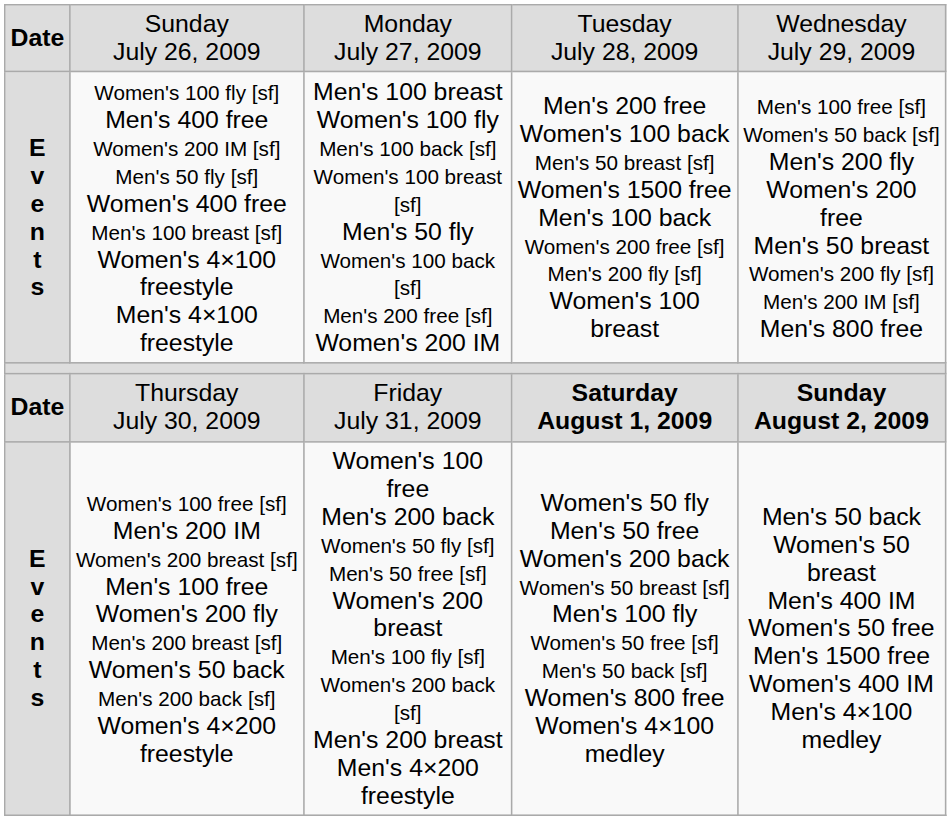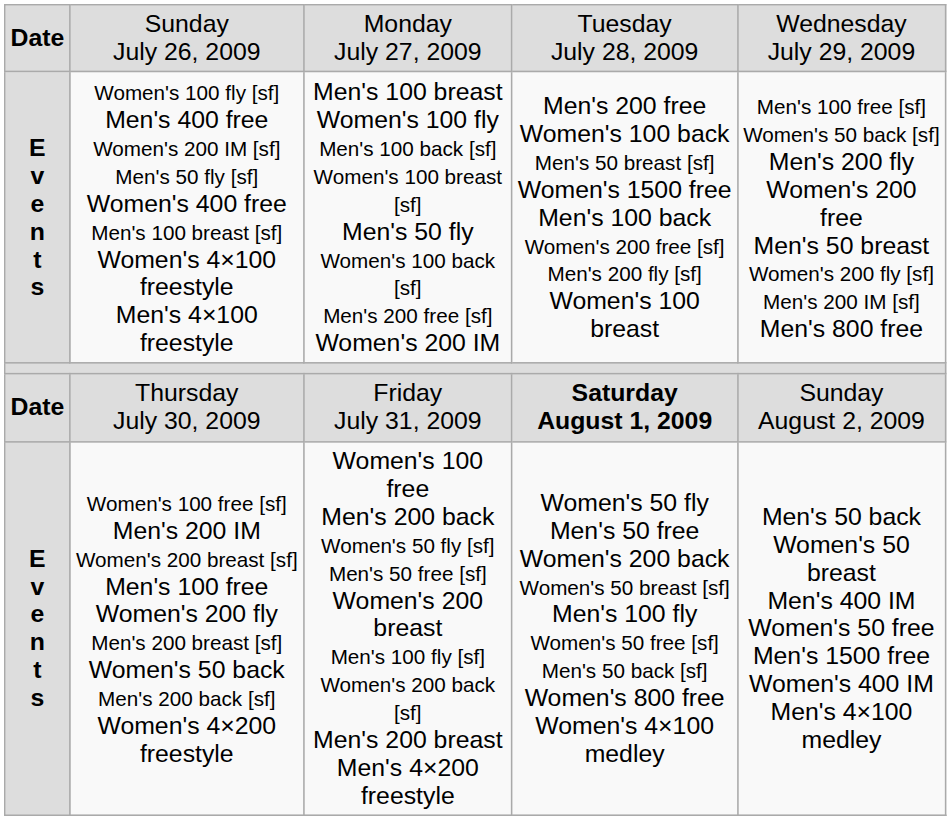 <table class=wikitable style="text-align:center">
 <tr bgcolor=#DDDDDD>
 <td><strong>Date</strong></td>
 <td>Sunday <br> July 26, 2009</td>
 <td>Monday <br> July 27, 2009</td>
 <td>Tuesday <br> July 28, 2009</td>
 <td>Wednesday <br> July 29, 2009</td>
 </tr>
 <tr>
 <td bgcolor=#DDDDDD><strong>E<br> v<br> e<br> n<br> t<br> s</strong></td>
 <td><small>Women's 100 fly [sf] <br></small> Men's 400 free <small><br> Women's 200 IM [sf] <br> Men's 50 fly [sf] <br></small> Women's 400 free <small><br> Men's 100 breast [sf] <br></small> Women's 4×100 freestyle <br> Men's 4×100 freestyle</td>
 <td>Men's 100 breast <br> Women's 100 fly <small><br> Men's 100 back [sf] <br> Women's 100 breast [sf] <br></small> Men's 50 fly <small><br> Women's 100 back [sf] <br> Men's 200 free [sf] <br></small> Women's 200 IM</td>
 <td>Men's 200 free <br> Women's 100 back <small><br> Men's 50 breast [sf] <br></small> Women's 1500 free <br> Men's 100 back <small><br> Women's 200 free [sf] <br> Men's 200 fly [sf] <br></small> Women's 100 breast</td>
 <td><small>Men's 100 free [sf] <br> Women's 50 back [sf] <br></small> Men's 200 fly <br> Women's 200 free <br> Men's 50 breast <small><br> Women's 200 fly [sf] <br> Men's 200 IM [sf] </small><br> Men's 800 free</td>
 </tr>
 <tr>
 <td bgcolor=#DDDDDD colspan=7></td>
 </tr>
 <tr bgcolor=#DDDDDD>
 <td><strong>Date</strong></td>
 <td>Thursday <br> July 30, 2009</td>
 <td>Friday <br> July 31, 2009</td>
 <td><strong>Saturday <br> August 1, 2009</strong></td>
-<td><strong>Sunday <br> August 2, 2009</strong></td>
+<td>Sunday <br> August 2, 2009</td>
 </tr>
 <tr>
 <td bgcolor=#DDDDDD><strong>E<br> v<br> e<br> n<br> t<br> s</strong></td>
 <td><small>Women's 100 free [sf] <br></small> Men's 200 IM <small><br> Women's 200 breast [sf] <br></small> Men's 100 free <br> Women's 200 fly <small><br> Men's 200 breast [sf] <br></small> Women's 50 back <small><br> Men's 200 back [sf] <br></small> Women's 4×200 freestyle</td>
 <td>Women's 100 free <br> Men's 200 back <small><br> Women's 50 fly [sf]<br> Men's 50 free [sf]<br></small> Women's 200 breast<small><br> Men's 100 fly [sf]<br>Women's 200 back [sf]<br></small> Men's 200 breast <br> Men's 4×200 freestyle</td>
 <td>Women's 50 fly <br> Men's 50 free <br> Women's 200 back <small><br> Women's 50 breast [sf] <br></small> Men's 100 fly <small><br> Women's 50 free [sf] <br> Men's 50 back [sf] </small><br> Women's 800 free <br> Women's 4×100 medley</td>
 <td>Men's 50 back <br> Women's 50 breast <br> Men's 400 IM <br> Women's 50 free <br> Men's 1500 free <br> Women's 400 IM <br> Men's 4×100 medley</td>
 </tr>
 <tr>
 </tr>
 </table>
